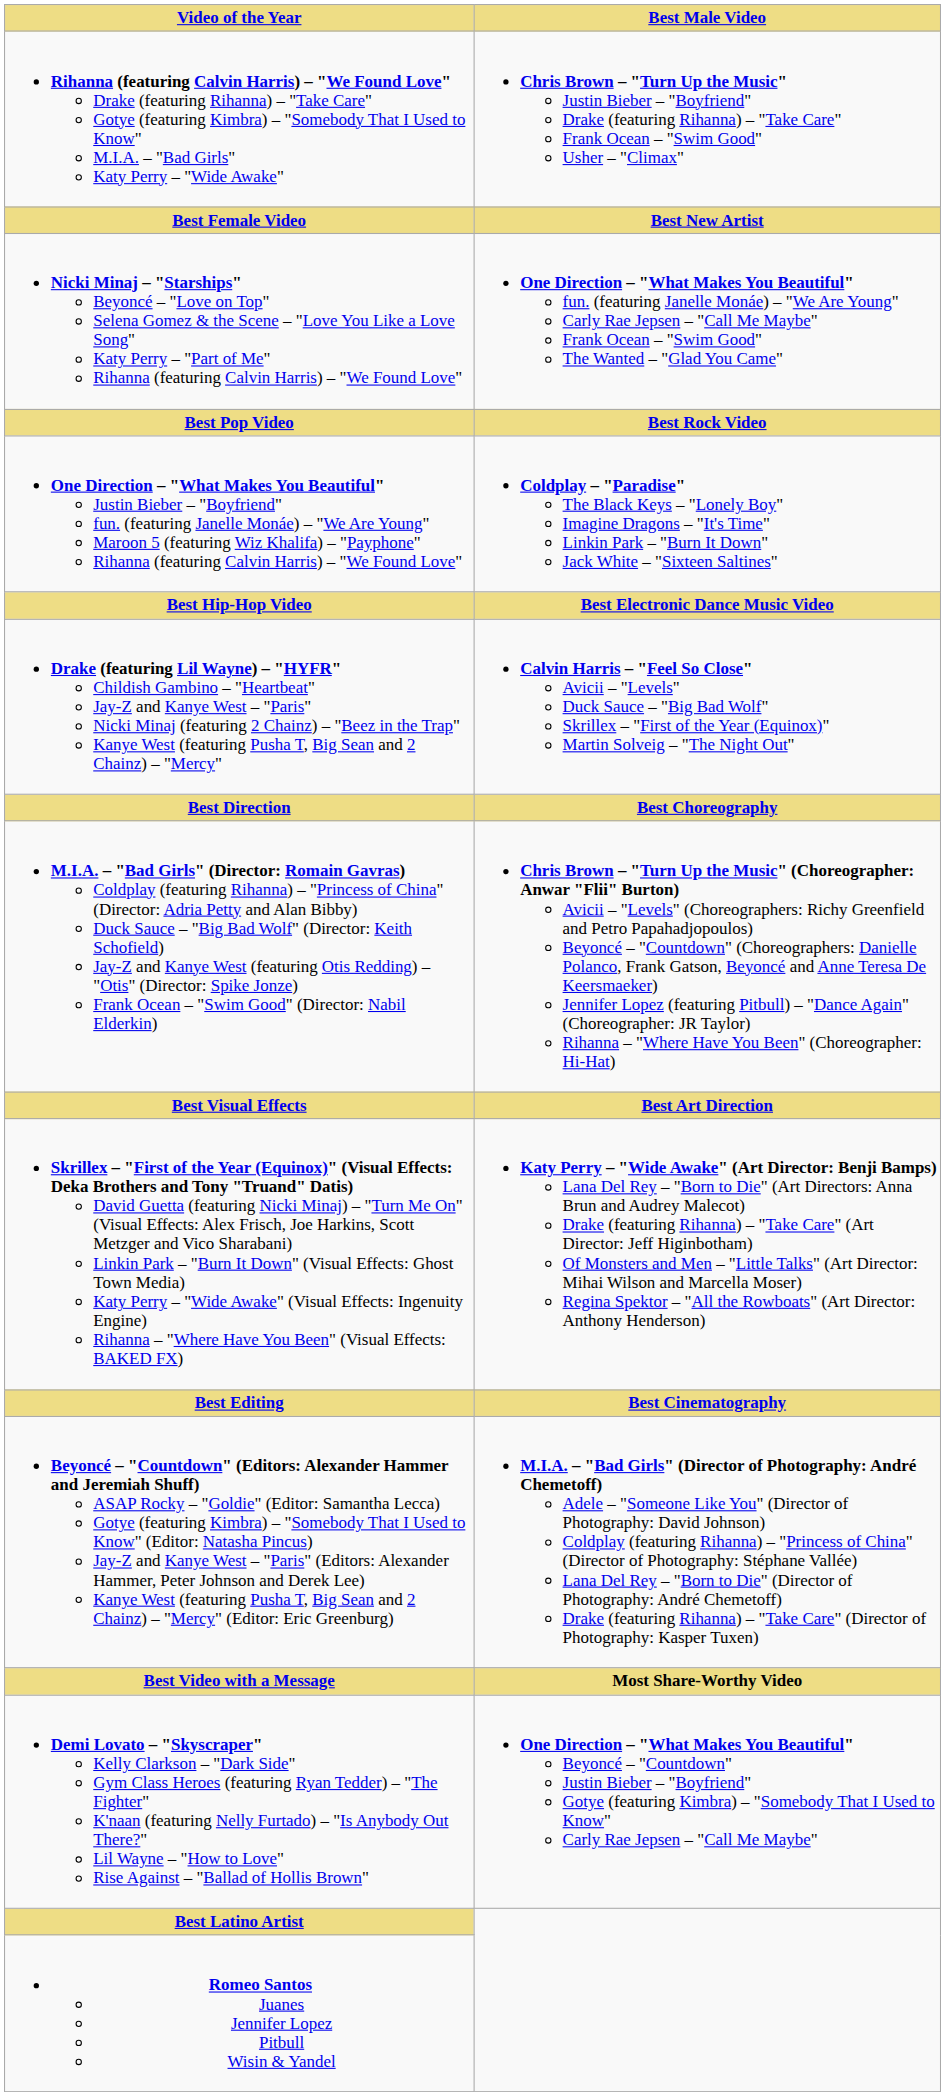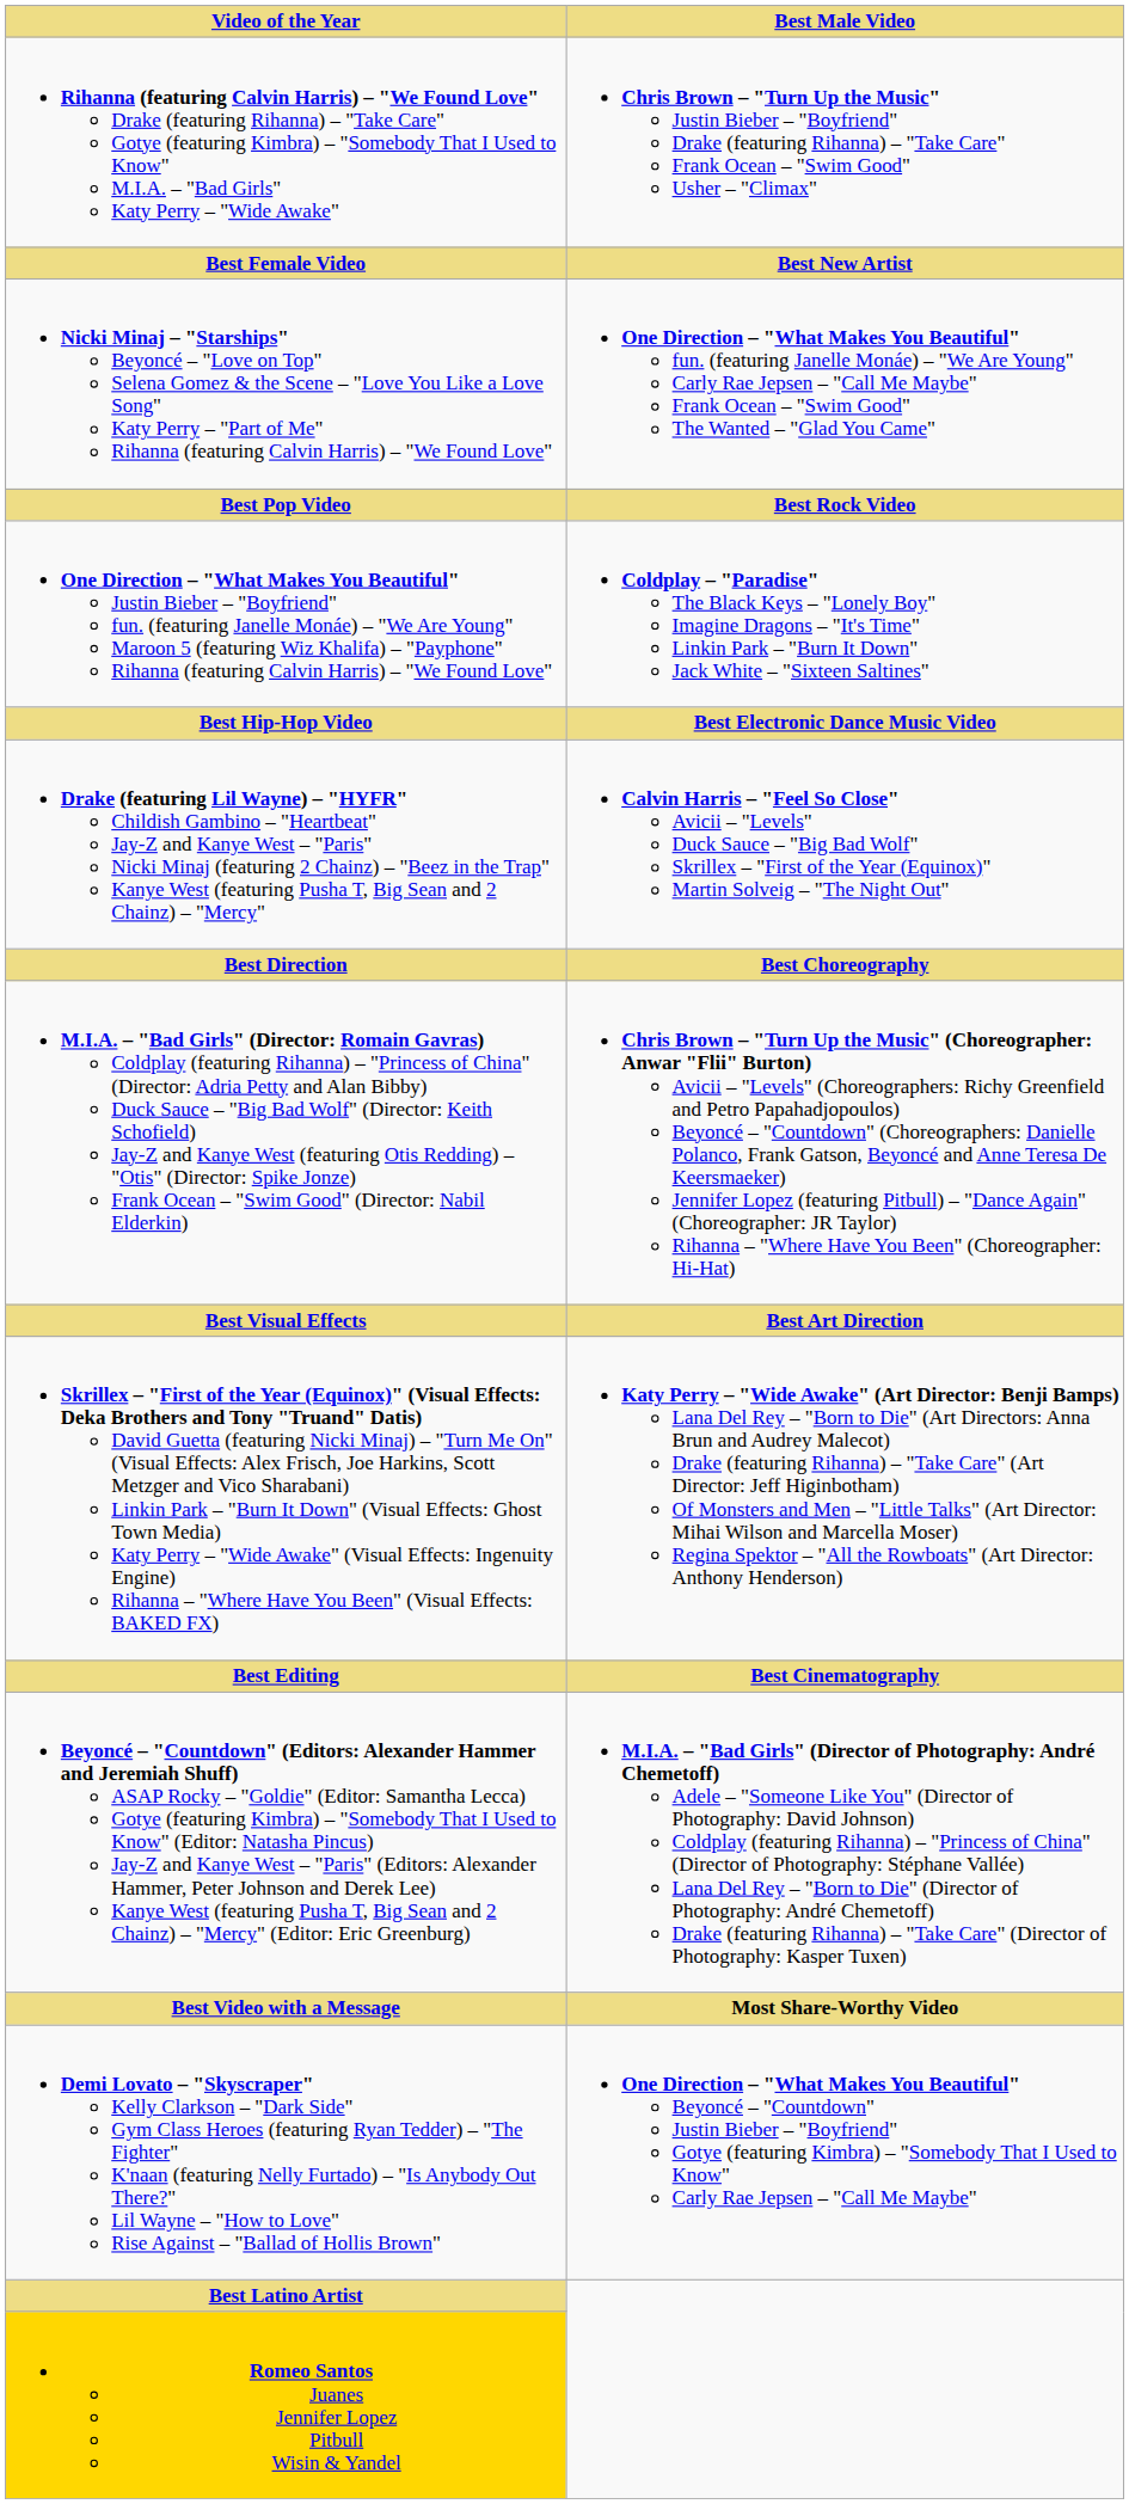 <table class=wikitable style="width:100%">
 <tr>
 <th scope="col" style="background:#EEDD85; width=;"><a href='#'>Video of the Year</a></th>
 <th scope="col" style="background:#EEDD85; width=;"><a href='#'>Best Male Video</a></th>
 </tr>
 <tr>
 <td valign="top"><br><ul><li><strong><a href='#'>Rihanna</a> (featuring <a href='#'>Calvin Harris</a>) – "<a href='#'>We Found Love</a>"</strong><ul><li><a href='#'>Drake</a> (featuring <a href='#'>Rihanna</a>) – "<a href='#'>Take Care</a>"</li><li><a href='#'>Gotye</a> (featuring <a href='#'>Kimbra</a>) – "<a href='#'>Somebody That I Used to Know</a>"</li><li><a href='#'>M.I.A.</a> – "<a href='#'>Bad Girls</a>"</li><li><a href='#'>Katy Perry</a> – "<a href='#'>Wide Awake</a>"</li></ul></li></ul></td>
 <td valign="top"><br><ul><li><strong><a href='#'>Chris Brown</a> – "<a href='#'>Turn Up the Music</a>" </strong><ul><li><a href='#'>Justin Bieber</a> – "<a href='#'>Boyfriend</a>"</li><li><a href='#'>Drake</a> (featuring <a href='#'>Rihanna</a>) – "<a href='#'>Take Care</a>"</li><li><a href='#'>Frank Ocean</a> – "<a href='#'>Swim Good</a>"</li><li><a href='#'>Usher</a> – "<a href='#'>Climax</a>"</li></ul></li></ul></td>
 </tr>
 <tr>
 <th scope="col" style="background:#EEDD85; width=;"><a href='#'>Best Female Video</a></th>
 <th scope="col" style="background:#EEDD85; width=;"><a href='#'>Best New Artist</a></th>
 </tr>
 <tr>
 <td valign="top"><br><ul><li><strong><a href='#'>Nicki Minaj</a> – "<a href='#'>Starships</a>"</strong><ul><li><a href='#'>Beyoncé</a> – "<a href='#'>Love on Top</a>"</li><li><a href='#'>Selena Gomez & the Scene</a> – "<a href='#'>Love You Like a Love Song</a>"</li><li><a href='#'>Katy Perry</a> – "<a href='#'>Part of Me</a>"</li><li><a href='#'>Rihanna</a> (featuring <a href='#'>Calvin Harris</a>) – "<a href='#'>We Found Love</a>"</li></ul></li></ul></td>
 <td valign="top"><br><ul><li><strong><a href='#'>One Direction</a> – "<a href='#'>What Makes You Beautiful</a>"</strong><ul><li><a href='#'>fun.</a> (featuring <a href='#'>Janelle Monáe</a>) – "<a href='#'>We Are Young</a>"</li><li><a href='#'>Carly Rae Jepsen</a> – "<a href='#'>Call Me Maybe</a>"</li><li><a href='#'>Frank Ocean</a> – "<a href='#'>Swim Good</a>"</li><li><a href='#'>The Wanted</a> – "<a href='#'>Glad You Came</a>"</li></ul></li></ul></td>
 </tr>
 <tr>
 <th scope="col" style="background:#EEDD85; width=;"><a href='#'>Best Pop Video</a></th>
 <th scope="col" style="background:#EEDD85; width=;"><a href='#'>Best Rock Video</a></th>
 </tr>
 <tr>
 <td valign="top"><br><ul><li><strong><a href='#'>One Direction</a> – "<a href='#'>What Makes You Beautiful</a>"</strong><ul><li><a href='#'>Justin Bieber</a> – "<a href='#'>Boyfriend</a>"</li><li><a href='#'>fun.</a> (featuring <a href='#'>Janelle Monáe</a>) – "<a href='#'>We Are Young</a>"</li><li><a href='#'>Maroon 5</a> (featuring <a href='#'>Wiz Khalifa</a>) – "<a href='#'>Payphone</a>"</li><li><a href='#'>Rihanna</a> (featuring <a href='#'>Calvin Harris</a>) – "<a href='#'>We Found Love</a>"</li></ul></li></ul></td>
 <td valign="top"><br><ul><li><strong><a href='#'>Coldplay</a> – "<a href='#'>Paradise</a>"</strong><ul><li><a href='#'>The Black Keys</a> – "<a href='#'>Lonely Boy</a>"</li><li><a href='#'>Imagine Dragons</a> – "<a href='#'>It's Time</a>"</li><li><a href='#'>Linkin Park</a> – "<a href='#'>Burn It Down</a>"</li><li><a href='#'>Jack White</a> – "<a href='#'>Sixteen Saltines</a>"</li></ul></li></ul></td>
 </tr>
 <tr>
 <th scope="col" style="background:#EEDD85; width=;"><a href='#'>Best Hip-Hop Video</a></th>
 <th scope="col" style="background:#EEDD85; width=;"><a href='#'>Best Electronic Dance Music Video</a></th>
 </tr>
 <tr>
 <td valign="top"><br><ul><li><strong><a href='#'>Drake</a> (featuring <a href='#'>Lil Wayne</a>) – "<a href='#'>HYFR</a>"</strong><ul><li><a href='#'>Childish Gambino</a> – "<a href='#'>Heartbeat</a>"</li><li><a href='#'>Jay-Z</a> and <a href='#'>Kanye West</a> – "<a href='#'>Paris</a>"</li><li><a href='#'>Nicki Minaj</a> (featuring <a href='#'>2 Chainz</a>) – "<a href='#'>Beez in the Trap</a>"</li><li><a href='#'>Kanye West</a> (featuring <a href='#'>Pusha T</a>, <a href='#'>Big Sean</a> and <a href='#'>2 Chainz</a>) – "<a href='#'>Mercy</a>"</li></ul></li></ul></td>
 <td valign="top"><br><ul><li><strong><a href='#'>Calvin Harris</a> – "<a href='#'>Feel So Close</a>"</strong><ul><li><a href='#'>Avicii</a> – "<a href='#'>Levels</a>"</li><li><a href='#'>Duck Sauce</a> – "<a href='#'>Big Bad Wolf</a>"</li><li><a href='#'>Skrillex</a> – "<a href='#'>First of the Year (Equinox)</a>"</li><li><a href='#'>Martin Solveig</a> – "<a href='#'>The Night Out</a>"</li></ul></li></ul></td>
 </tr>
 <tr>
 <th scope="col" style="background:#EEDD85; width=;"><a href='#'>Best Direction</a></th>
 <th scope="col" style="background:#EEDD85; width=;"><a href='#'>Best Choreography</a></th>
 </tr>
 <tr>
 <td valign="top"><br><ul><li><strong><a href='#'>M.I.A.</a> – "<a href='#'>Bad Girls</a>" (Director: <a href='#'>Romain Gavras</a>)</strong><ul><li><a href='#'>Coldplay</a> (featuring <a href='#'>Rihanna</a>) – "<a href='#'>Princess of China</a>" (Director: <a href='#'>Adria Petty</a> and Alan Bibby)</li><li><a href='#'>Duck Sauce</a> – "<a href='#'>Big Bad Wolf</a>" (Director: <a href='#'>Keith Schofield</a>)</li><li><a href='#'>Jay-Z</a> and <a href='#'>Kanye West</a> (featuring <a href='#'>Otis Redding</a>) – "<a href='#'>Otis</a>" (Director: <a href='#'>Spike Jonze</a>)</li><li><a href='#'>Frank Ocean</a> – "<a href='#'>Swim Good</a>" (Director: <a href='#'>Nabil Elderkin</a>)</li></ul></li></ul></td>
 <td valign="top"><br><ul><li><strong><a href='#'>Chris Brown</a> – "<a href='#'>Turn Up the Music</a>" (Choreographer: Anwar "Flii" Burton)</strong><ul><li><a href='#'>Avicii</a> – "<a href='#'>Levels</a>" (Choreographers: Richy Greenfield and Petro Papahadjopoulos)</li><li><a href='#'>Beyoncé</a> – "<a href='#'>Countdown</a>" (Choreographers: <a href='#'>Danielle Polanco</a>, Frank Gatson, <a href='#'>Beyoncé</a> and <a href='#'>Anne Teresa De Keersmaeker</a>)</li><li><a href='#'>Jennifer Lopez</a> (featuring <a href='#'>Pitbull</a>) – "<a href='#'>Dance Again</a>" (Choreographer: JR Taylor)</li><li><a href='#'>Rihanna</a> – "<a href='#'>Where Have You Been</a>" (Choreographer: <a href='#'>Hi-Hat</a>)</li></ul></li></ul></td>
 </tr>
 <tr>
 <th scope="col" style="background:#EEDD85; width=;"><a href='#'>Best Visual Effects</a></th>
 <th scope="col" style="background:#EEDD85; width=;"><a href='#'>Best Art Direction</a></th>
 </tr>
 <tr>
 <td valign="top"><br><ul><li><strong><a href='#'>Skrillex</a> – "<a href='#'>First of the Year (Equinox)</a>" (Visual Effects: Deka Brothers and Tony "Truand" Datis)</strong><ul><li><a href='#'>David Guetta</a> (featuring <a href='#'>Nicki Minaj</a>) – "<a href='#'>Turn Me On</a>" (Visual Effects: Alex Frisch, Joe Harkins, Scott Metzger and Vico Sharabani)</li><li><a href='#'>Linkin Park</a> – "<a href='#'>Burn It Down</a>" (Visual Effects: Ghost Town Media)</li><li><a href='#'>Katy Perry</a> – "<a href='#'>Wide Awake</a>" (Visual Effects: Ingenuity Engine)</li><li><a href='#'>Rihanna</a> – "<a href='#'>Where Have You Been</a>" (Visual Effects: <a href='#'>BAKED FX</a>)</li></ul></li></ul></td>
 <td valign="top"><br><ul><li><strong><a href='#'>Katy Perry</a> – "<a href='#'>Wide Awake</a>" (Art Director: Benji Bamps)</strong><ul><li><a href='#'>Lana Del Rey</a> – "<a href='#'>Born to Die</a>" (Art Directors: Anna Brun and Audrey Malecot)</li><li><a href='#'>Drake</a> (featuring <a href='#'>Rihanna</a>) – "<a href='#'>Take Care</a>" (Art Director: Jeff Higinbotham)</li><li><a href='#'>Of Monsters and Men</a> – "<a href='#'>Little Talks</a>" (Art Director: Mihai Wilson and Marcella Moser)</li><li><a href='#'>Regina Spektor</a> – "<a href='#'>All the Rowboats</a>" (Art Director: Anthony Henderson)</li></ul></li></ul></td>
 </tr>
 <tr>
 <th style="background:#EEDD85; width=50%"><a href='#'>Best Editing</a></th>
 <th style="background:#EEDD85; width=50%"><a href='#'>Best Cinematography</a></th>
 </tr>
 <tr>
 <td valign="top"><br><ul><li><strong><a href='#'>Beyoncé</a> – "<a href='#'>Countdown</a>" (Editors: Alexander Hammer and Jeremiah Shuff)</strong><ul><li><a href='#'>ASAP Rocky</a> – "<a href='#'>Goldie</a>" (Editor: Samantha Lecca)</li><li><a href='#'>Gotye</a> (featuring <a href='#'>Kimbra</a>) – "<a href='#'>Somebody That I Used to Know</a>" (Editor: <a href='#'>Natasha Pincus</a>)</li><li><a href='#'>Jay-Z</a> and <a href='#'>Kanye West</a> – "<a href='#'>Paris</a>" (Editors: Alexander Hammer, Peter Johnson and Derek Lee)</li><li><a href='#'>Kanye West</a> (featuring <a href='#'>Pusha T</a>, <a href='#'>Big Sean</a> and <a href='#'>2 Chainz</a>) – "<a href='#'>Mercy</a>" (Editor: Eric Greenburg)</li></ul></li></ul></td>
 <td valign="top"><br><ul><li><strong><a href='#'>M.I.A.</a> – "<a href='#'>Bad Girls</a>" (Director of Photography: André Chemetoff)</strong><ul><li><a href='#'>Adele</a> – "<a href='#'>Someone Like You</a>" (Director of Photography: David Johnson)</li><li><a href='#'>Coldplay</a> (featuring <a href='#'>Rihanna</a>) – "<a href='#'>Princess of China</a>" (Director of Photography: Stéphane Vallée)</li><li><a href='#'>Lana Del Rey</a> – "<a href='#'>Born to Die</a>" (Director of Photography: André Chemetoff)</li><li><a href='#'>Drake</a> (featuring <a href='#'>Rihanna</a>) – "<a href='#'>Take Care</a>" (Director of Photography: Kasper Tuxen)</li></ul></li></ul></td>
 </tr>
 <tr>
 <th style="background:#EEDD85; width=50%"><a href='#'>Best Video with a Message</a></th>
 <th style="background:#EEDD85; width=50%">Most Share-Worthy Video</th>
 </tr>
 <tr>
 <td valign="top"><br><ul><li><strong><a href='#'>Demi Lovato</a> – "<a href='#'>Skyscraper</a>"</strong><ul><li><a href='#'>Kelly Clarkson</a> – "<a href='#'>Dark Side</a>"</li><li><a href='#'>Gym Class Heroes</a> (featuring <a href='#'>Ryan Tedder</a>) – "<a href='#'>The Fighter</a>"</li><li><a href='#'>K'naan</a> (featuring <a href='#'>Nelly Furtado</a>) – "<a href='#'>Is Anybody Out There?</a>"</li><li><a href='#'>Lil Wayne</a> – "<a href='#'>How to Love</a>"</li><li><a href='#'>Rise Against</a> – "<a href='#'>Ballad of Hollis Brown</a>"</li></ul></li></ul></td>
 <td valign="top"><br><ul><li><strong><a href='#'>One Direction</a> – "<a href='#'>What Makes You Beautiful</a>"</strong><ul><li><a href='#'>Beyoncé</a> – "<a href='#'>Countdown</a>"</li><li><a href='#'>Justin Bieber</a> – "<a href='#'>Boyfriend</a>"</li><li><a href='#'>Gotye</a> (featuring <a href='#'>Kimbra</a>) – "<a href='#'>Somebody That I Used to Know</a>"</li><li><a href='#'>Carly Rae Jepsen</a> – "<a href='#'>Call Me Maybe</a>"</li></ul></li></ul></td>
 </tr>
 <tr>
 <th style="background:#EEDD85; width=50%"><a href='#'>Best Latino Artist</a></th>
 </tr>
 <tr>
-<td style="text-align: center;"><br><ul><li><strong><a href='#'>Romeo Santos</a></strong><ul><li><a href='#'>Juanes</a></li><li><a href='#'>Jennifer Lopez</a></li><li><a href='#'>Pitbull</a></li><li><a href='#'>Wisin & Yandel</a></li></ul></li></ul></td>
+<td style="background: gold; text-align: center;"><br><ul><li><strong><a href='#'>Romeo Santos</a></strong><ul><li><a href='#'>Juanes</a></li><li><a href='#'>Jennifer Lopez</a></li><li><a href='#'>Pitbull</a></li><li><a href='#'>Wisin & Yandel</a></li></ul></li></ul></td>
 </tr>
 </table>
